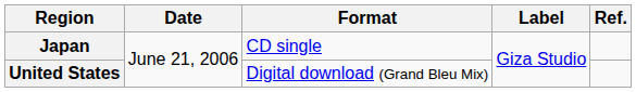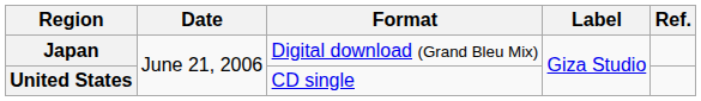 <table class="wikitable sortable plainrowheaders">
 <tr>
 <th scope="col">Region</th>
 <th scope="col">Date</th>
 <th scope="col">Format</th>
 <th scope="col">Label</th>
 <th scope="col">Ref.</th>
 </tr>
 <tr>
 <th rowspan="1">Japan</th>
 <td rowspan="2">June 21, 2006</td>
-<td><a href='#'>CD single</a></td>
+<td><a href='#'>Digital download</a> <small>(Grand Bleu Mix)</small></td>
 <td rowspan="2"><a href='#'>Giza Studio</a></td>
 <td></td>
 </tr>
 <tr>
 <th rowspan="1">United States</th>
-<td><a href='#'>Digital download</a> <small>(Grand Bleu Mix)</small></td>
+<td><a href='#'>CD single</a></td>
 <td></td>
 </tr>
 <tr>
 </tr>
 </table>
